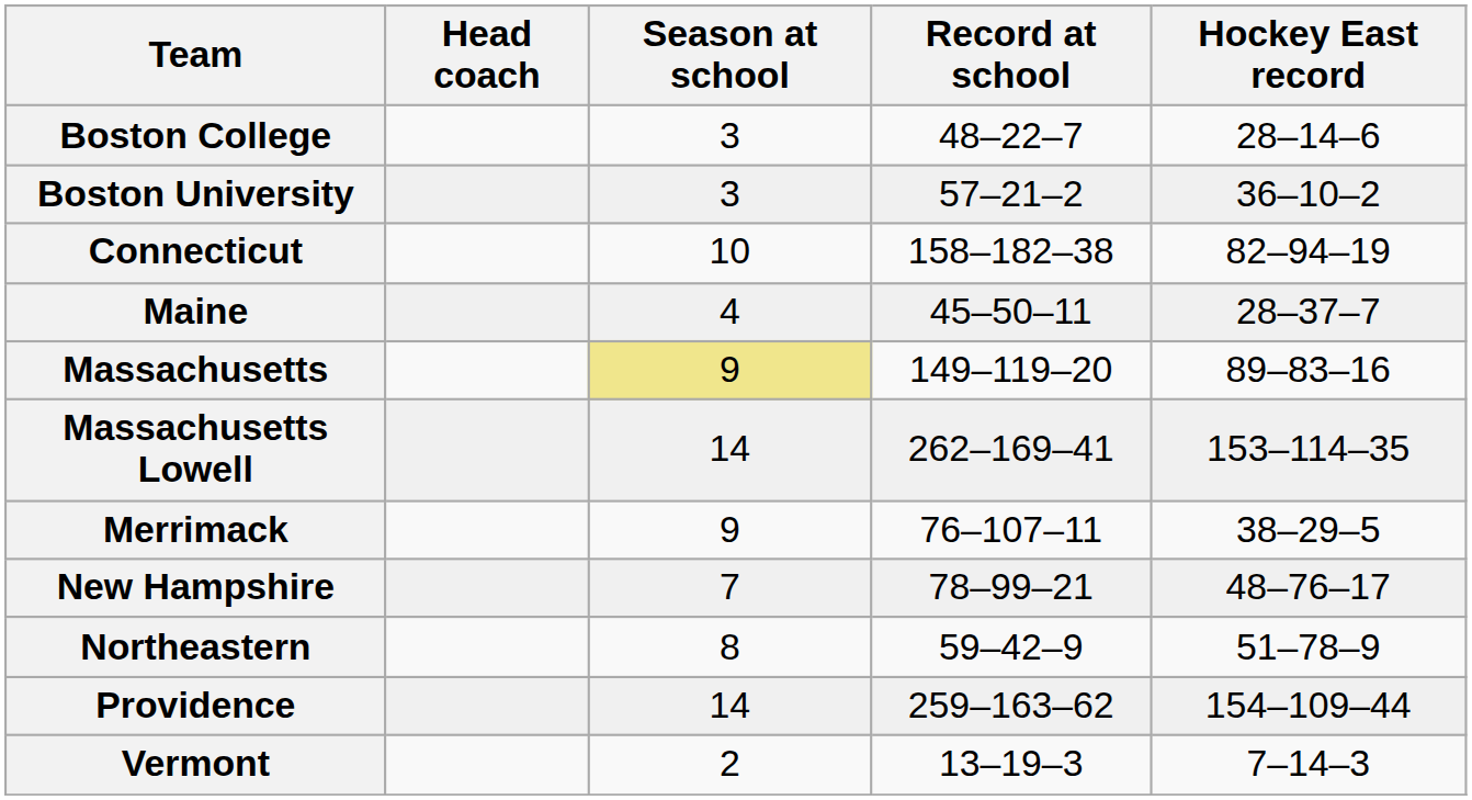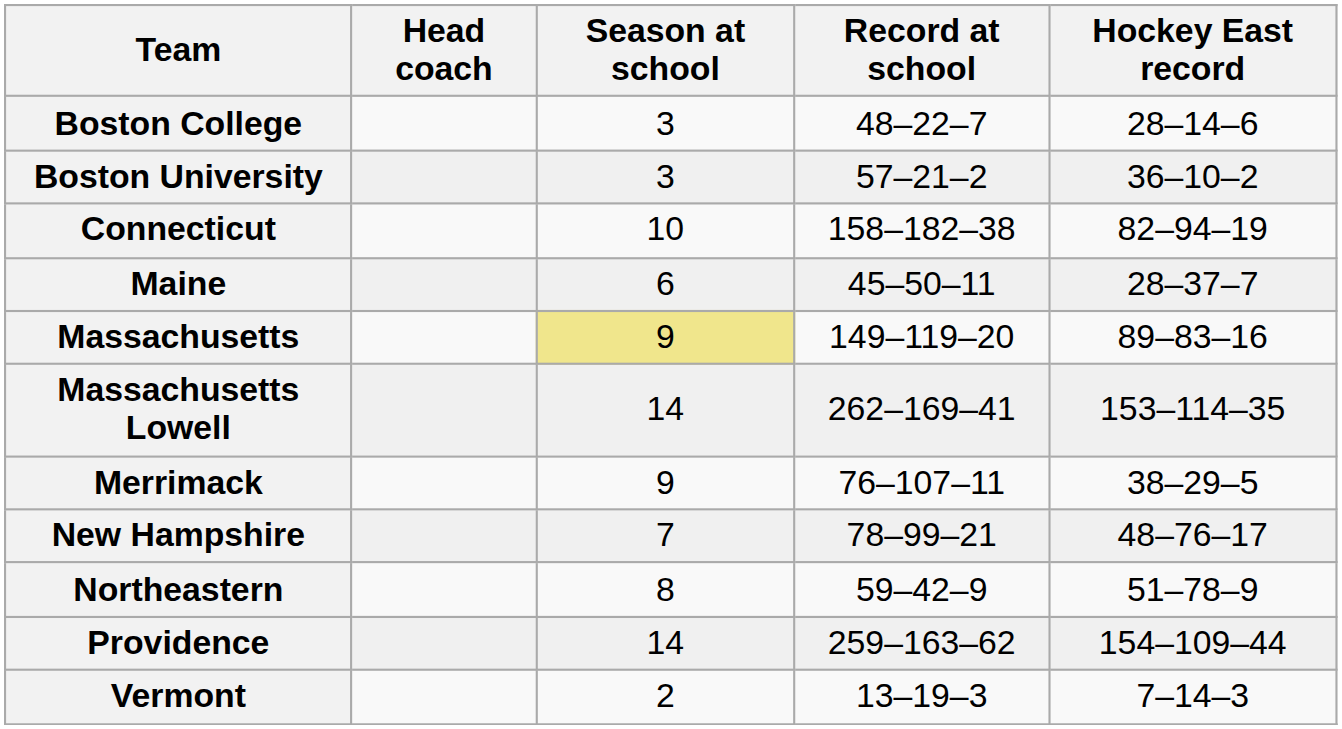 <table class="wikitable sortable" style="text-align: center; "width=50%">
 <tr>
 <th>Team</th>
 <th>Head coach</th>
 <th>Season at school</th>
 <th>Record at school</th>
 <th>Hockey East record</th>
 </tr>
 <tr>
 <th>Boston College</th>
 <td></td>
 <td>3</td>
 <td>48–22–7</td>
 <td>28–14–6</td>
 </tr>
 <tr bgcolor=f0f0f0>
 <th>Boston University</th>
 <td></td>
 <td>3</td>
 <td>57–21–2</td>
 <td>36–10–2</td>
 </tr>
 <tr>
 <th>Connecticut</th>
 <td></td>
 <td>10</td>
 <td>158–182–38</td>
 <td>82–94–19</td>
 </tr>
 <tr bgcolor=f0f0f0>
 <th>Maine</th>
 <td></td>
-<td>4</td>
+<td>6</td>
 <td>45–50–11</td>
 <td>28–37–7</td>
 </tr>
 <tr>
 <th>Massachusetts</th>
 <td></td>
 <td style="background: khaki;">9</td>
 <td>149–119–20</td>
 <td>89–83–16</td>
 </tr>
 <tr bgcolor=f0f0f0>
 <th>Massachusetts Lowell</th>
 <td></td>
 <td>14</td>
 <td>262–169–41</td>
 <td>153–114–35</td>
 </tr>
 <tr>
 <th>Merrimack</th>
 <td></td>
 <td>9</td>
 <td>76–107–11</td>
 <td>38–29–5</td>
 </tr>
 <tr bgcolor=f0f0f0>
 <th>New Hampshire</th>
 <td></td>
 <td>7</td>
 <td>78–99–21</td>
 <td>48–76–17</td>
 </tr>
 <tr>
 <th>Northeastern</th>
 <td></td>
 <td>8</td>
 <td>59–42–9</td>
 <td>51–78–9</td>
 </tr>
 <tr bgcolor=f0f0f0>
 <th>Providence</th>
 <td></td>
 <td>14</td>
 <td>259–163–62</td>
 <td>154–109–44</td>
 </tr>
 <tr>
 <th>Vermont</th>
 <td></td>
 <td>2</td>
 <td>13–19–3</td>
 <td>7–14–3</td>
 </tr>
 <tr>
 </tr>
 </table>
